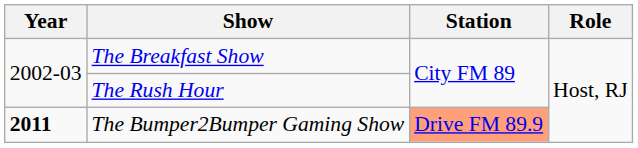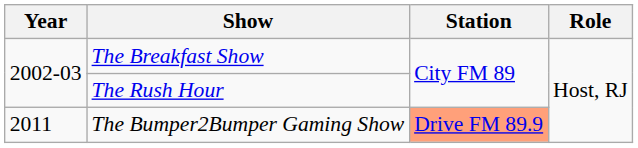 <table class="wikitable plainrowheaders sortable" style="margin-right: 0;">
 <tr>
 <th scope="col">Year</th>
 <th scope="col">Show</th>
 <th scope="col">Station</th>
 <th scope="col">Role</th>
 </tr>
 <tr>
 <td rowspan="2">2002-03</td>
 <td><em><a href='#'>The Breakfast Show</a></em></td>
 <td rowspan="2"><a href='#'>City FM 89</a></td>
 <td rowspan="3">Host, RJ</td>
 </tr>
 <tr>
 <td><em><a href='#'>The Rush Hour</a></em></td>
 </tr>
 <tr>
-<td><strong>2011</strong></td>
+<td>2011</td>
 <td><em>The Bumper2Bumper Gaming Show</em></td>
 <td style="background: lightsalmon;"><a href='#'>Drive FM 89.9</a></td>
 </tr>
 </table>
